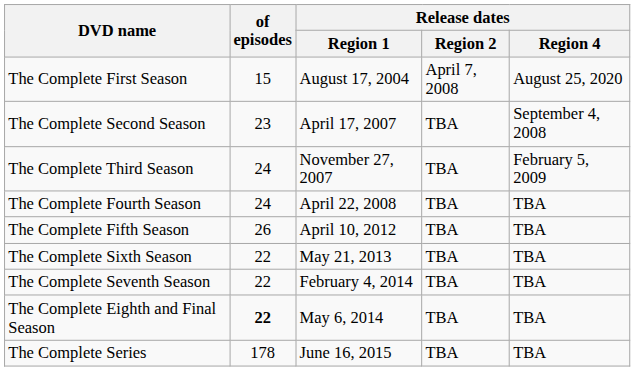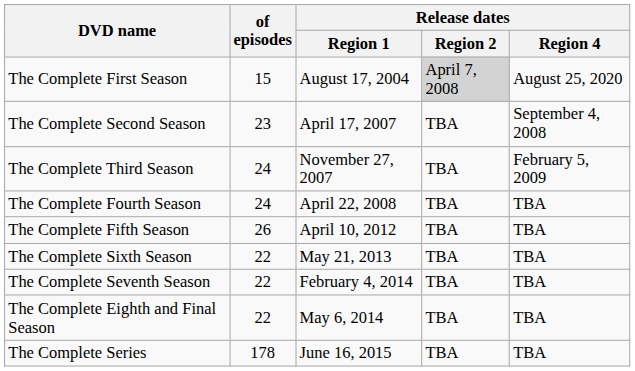 <table class="wikitable">
 <tr>
 <th rowspan="2">DVD name</th>
 <th rowspan="2"> of<br>episodes</th>
 <th colspan="3">Release dates</th>
 </tr>
 <tr>
 <th>Region 1</th>
 <th>Region 2</th>
 <th>Region 4</th>
 </tr>
 <tr>
 <td>The Complete First Season</td>
 <td align="center">15</td>
 <td>August 17, 2004</td>
-<td>April 7, 2008</td>
+<td style="background: lightgrey;">April 7, 2008</td>
 <td>August 25, 2020</td>
 </tr>
 <tr>
 <td>The Complete Second Season</td>
 <td align="center">23</td>
 <td>April 17, 2007</td>
 <td>TBA</td>
 <td>September 4, 2008</td>
 </tr>
 <tr>
 <td>The Complete Third Season</td>
 <td align="center">24</td>
 <td>November 27, 2007</td>
 <td>TBA</td>
 <td>February 5, 2009</td>
 </tr>
 <tr>
 <td>The Complete Fourth Season</td>
 <td align="center">24</td>
 <td>April 22, 2008</td>
 <td>TBA</td>
 <td>TBA</td>
 </tr>
 <tr>
 <td>The Complete Fifth Season</td>
 <td align="center">26</td>
 <td>April 10, 2012</td>
 <td>TBA</td>
 <td>TBA</td>
 </tr>
 <tr>
 <td>The Complete Sixth Season</td>
 <td align="center">22</td>
 <td>May 21, 2013</td>
 <td>TBA</td>
 <td>TBA</td>
 </tr>
 <tr>
 <td>The Complete Seventh Season</td>
 <td align="center">22</td>
 <td>February 4, 2014</td>
 <td>TBA</td>
 <td>TBA</td>
 </tr>
 <tr>
 <td>The Complete Eighth and Final Season</td>
-<td align="center"><strong>22</strong></td>
+<td align="center">22</td>
 <td>May 6, 2014</td>
 <td>TBA</td>
 <td>TBA</td>
 </tr>
 <tr>
 <td>The Complete Series</td>
 <td align="center">178</td>
 <td>June 16, 2015</td>
 <td>TBA</td>
 <td>TBA</td>
 </tr>
 </table>
